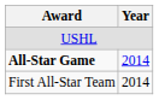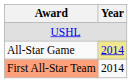 <table class="wikitable">
 <tr>
 <th>Award</th>
 <th>Year</th>
 </tr>
 <tr ALIGN="center" bgcolor="#e0e0e0">
 <td colspan="3"><a href='#'>USHL</a></td>
 </tr>
 <tr>
-<td><strong>All-Star Game</strong></td>
-<td><a href='#'>2014</a></td>
+<td>All-Star Game</td>
+<td style="background: khaki;"><a href='#'>2014</a></td>
 </tr>
 <tr>
-<td>First All-Star Team</td>
+<td style="background: lightsalmon;">First All-Star Team</td>
 <td>2014</td>
 </tr>
 </table>
